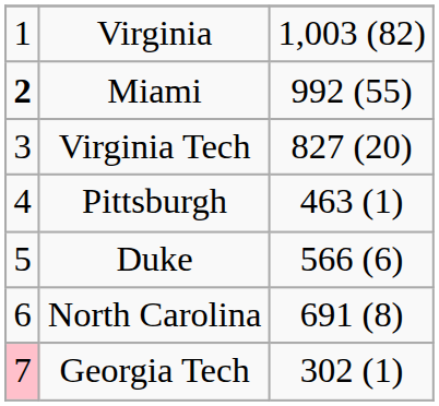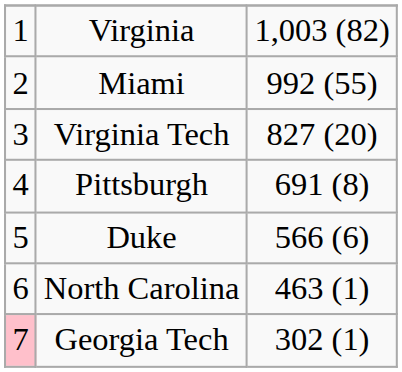 <table class="wikitable" style="display: inline-table;">
 <tr align="center">
 </tr>
 <tr align="center">
 <td>1</td>
 <td>Virginia</td>
 <td>1,003 (82)</td>
 </tr>
 <tr align="center">
-<td><strong>2</strong></td>
+<td>2</td>
 <td>Miami</td>
 <td>992 (55)</td>
 </tr>
 <tr align="center">
 <td>3</td>
 <td>Virginia Tech</td>
 <td>827 (20)</td>
 </tr>
 <tr align="center">
 <td>4</td>
 <td>Pittsburgh</td>
-<td>463 (1)</td>
+<td>691 (8)</td>
 </tr>
 <tr align="center">
 <td>5</td>
 <td>Duke</td>
 <td>566 (6)</td>
 </tr>
 <tr align="center">
 <td>6</td>
 <td>North Carolina</td>
-<td>691 (8)</td>
+<td>463 (1)</td>
 </tr>
 <tr align="center">
 <td style="background: pink;">7</td>
 <td>Georgia Tech</td>
 <td>302 (1)</td>
 </tr>
 </table>
